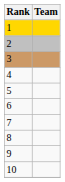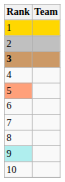 <table class="wikitable">
 <tr>
 <th>Rank</th>
 <th>Team</th>
 </tr>
 <tr style="background:gold;">
 <td>1</td>
 <td></td>
 </tr>
 <tr style="background:silver;">
 <td>2</td>
 <td></td>
 </tr>
 <tr style="background:#c96;">
-<td>3</td>
+<td><strong>3</strong></td>
 <td></td>
 </tr>
 <tr>
 <td>4</td>
 <td></td>
 </tr>
 <tr>
-<td>5</td>
+<td style="background: lightsalmon;">5</td>
 <td></td>
 </tr>
 <tr>
 <td>6</td>
 <td></td>
 </tr>
 <tr>
 <td>7</td>
 <td></td>
 </tr>
 <tr>
 <td>8</td>
 <td></td>
 </tr>
 <tr>
-<td>9</td>
+<td style="background: paleturquoise;">9</td>
 <td></td>
 </tr>
 <tr>
 <td>10</td>
 <td></td>
 </tr>
 <tr>
 </tr>
 </table>
